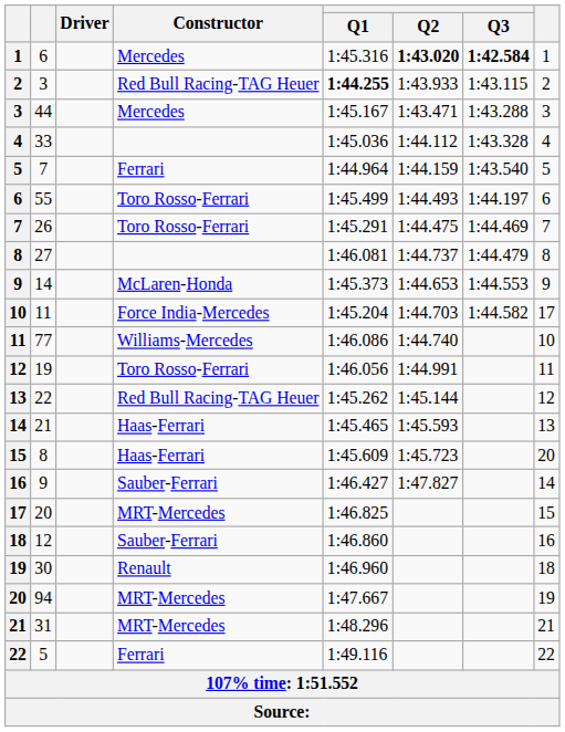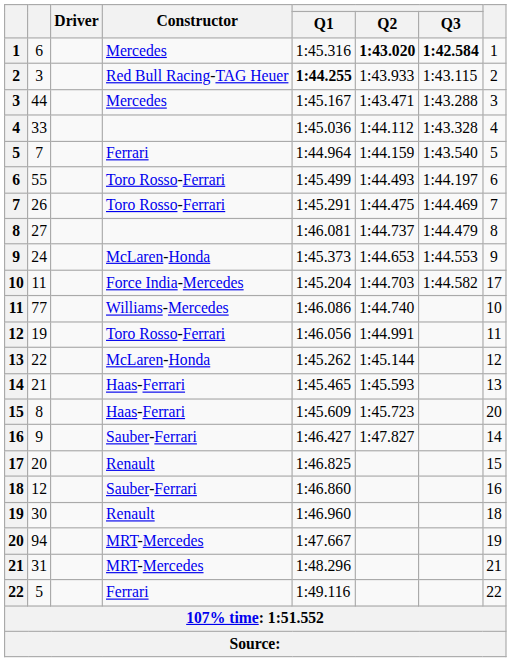 <table class="wikitable sortable" style="font-size: 85%;">
 <tr>
 <th rowspan="2"></th>
 <th rowspan="2"></th>
 <th rowspan="2">Driver</th>
 <th rowspan="2">Constructor</th>
 <th colspan="3"></th>
 <th rowspan="2"></th>
 </tr>
 <tr>
 <th>Q1</th>
 <th>Q2</th>
 <th>Q3</th>
 </tr>
 <tr>
 <th>1</th>
 <td align="center">6</td>
 <td></td>
 <td><a href='#'>Mercedes</a></td>
 <td>1:45.316</td>
 <td><strong>1:43.020</strong></td>
 <td><strong>1:42.584</strong></td>
 <td align="center">1</td>
 </tr>
 <tr>
 <th>2</th>
 <td align="center">3</td>
 <td></td>
 <td><a href='#'>Red Bull Racing</a>-<a href='#'>TAG Heuer</a></td>
 <td><strong>1:44.255</strong></td>
 <td>1:43.933</td>
 <td>1:43.115</td>
 <td align="center">2</td>
 </tr>
 <tr>
 <th>3</th>
 <td align="center">44</td>
 <td></td>
 <td><a href='#'>Mercedes</a></td>
 <td>1:45.167</td>
 <td>1:43.471</td>
 <td>1:43.288</td>
 <td align="center">3</td>
 </tr>
 <tr>
 <th>4</th>
 <td align="center">33</td>
 <td></td>
 <td></td>
 <td>1:45.036</td>
 <td>1:44.112</td>
 <td>1:43.328</td>
 <td align="center">4</td>
 </tr>
 <tr>
 <th>5</th>
 <td align="center">7</td>
 <td></td>
 <td><a href='#'>Ferrari</a></td>
 <td>1:44.964</td>
 <td>1:44.159</td>
 <td>1:43.540</td>
 <td align="center">5</td>
 </tr>
 <tr>
 <th>6</th>
 <td align="center">55</td>
 <td></td>
 <td><a href='#'>Toro Rosso</a>-<a href='#'>Ferrari</a></td>
 <td>1:45.499</td>
 <td>1:44.493</td>
 <td>1:44.197</td>
 <td align="center">6</td>
 </tr>
 <tr>
 <th>7</th>
 <td align="center">26</td>
 <td></td>
 <td><a href='#'>Toro Rosso</a>-<a href='#'>Ferrari</a></td>
 <td>1:45.291</td>
 <td>1:44.475</td>
 <td>1:44.469</td>
 <td align="center">7</td>
 </tr>
 <tr>
 <th>8</th>
 <td align="center">27</td>
 <td></td>
 <td></td>
 <td>1:46.081</td>
 <td>1:44.737</td>
 <td>1:44.479</td>
 <td align="center">8</td>
 </tr>
 <tr>
 <th>9</th>
-<td align="center">14</td>
+<td align="center">24</td>
 <td></td>
 <td><a href='#'>McLaren</a>-<a href='#'>Honda</a></td>
 <td>1:45.373</td>
 <td>1:44.653</td>
 <td>1:44.553</td>
 <td align="center">9</td>
 </tr>
 <tr>
 <th>10</th>
 <td align="center">11</td>
 <td></td>
 <td><a href='#'>Force India</a>-<a href='#'>Mercedes</a></td>
 <td>1:45.204</td>
 <td>1:44.703</td>
 <td>1:44.582</td>
 <td align="center">17</td>
 </tr>
 <tr>
 <th>11</th>
 <td align="center">77</td>
 <td></td>
 <td><a href='#'>Williams</a>-<a href='#'>Mercedes</a></td>
 <td>1:46.086</td>
 <td>1:44.740</td>
 <td></td>
 <td align="center">10</td>
 </tr>
 <tr>
 <th>12</th>
 <td align="center">19</td>
 <td></td>
 <td><a href='#'>Toro Rosso</a>-<a href='#'>Ferrari</a></td>
 <td>1:46.056</td>
 <td>1:44.991</td>
 <td></td>
 <td align="center">11</td>
 </tr>
 <tr>
 <th>13</th>
 <td align="center">22</td>
 <td></td>
-<td><a href='#'>Red Bull Racing</a>-<a href='#'>TAG Heuer</a></td>
+<td><a href='#'>McLaren</a>-<a href='#'>Honda</a></td>
 <td>1:45.262</td>
 <td>1:45.144</td>
 <td></td>
 <td align="center">12</td>
 </tr>
 <tr>
 <th>14</th>
 <td align="center">21</td>
 <td></td>
 <td><a href='#'>Haas</a>-<a href='#'>Ferrari</a></td>
 <td>1:45.465</td>
 <td>1:45.593</td>
 <td></td>
 <td align="center">13</td>
 </tr>
 <tr>
 <th>15</th>
 <td align="center">8</td>
 <td></td>
 <td><a href='#'>Haas</a>-<a href='#'>Ferrari</a></td>
 <td>1:45.609</td>
 <td>1:45.723</td>
 <td></td>
 <td align="center">20</td>
 </tr>
 <tr>
 <th>16</th>
 <td align="center">9</td>
 <td></td>
 <td><a href='#'>Sauber</a>-<a href='#'>Ferrari</a></td>
 <td>1:46.427</td>
 <td>1:47.827</td>
 <td></td>
 <td align="center">14</td>
 </tr>
 <tr>
 <th>17</th>
 <td align="center">20</td>
 <td></td>
-<td><a href='#'>MRT</a>-<a href='#'>Mercedes</a></td>
+<td><a href='#'>Renault</a></td>
 <td>1:46.825</td>
 <td></td>
 <td></td>
 <td align="center">15</td>
 </tr>
 <tr>
 <th>18</th>
 <td align="center">12</td>
 <td></td>
 <td><a href='#'>Sauber</a>-<a href='#'>Ferrari</a></td>
 <td>1:46.860</td>
 <td></td>
 <td></td>
 <td align="center">16</td>
 </tr>
 <tr>
 <th>19</th>
 <td align="center">30</td>
 <td></td>
 <td><a href='#'>Renault</a></td>
 <td>1:46.960</td>
 <td></td>
 <td></td>
 <td align="center">18</td>
 </tr>
 <tr>
 <th>20</th>
 <td align="center">94</td>
 <td></td>
 <td><a href='#'>MRT</a>-<a href='#'>Mercedes</a></td>
 <td>1:47.667</td>
 <td></td>
 <td></td>
 <td align="center">19</td>
 </tr>
 <tr>
 <th>21</th>
 <td align="center">31</td>
 <td></td>
 <td><a href='#'>MRT</a>-<a href='#'>Mercedes</a></td>
 <td>1:48.296</td>
 <td></td>
 <td></td>
 <td align="center">21</td>
 </tr>
 <tr>
 <th>22</th>
 <td align="center">5</td>
 <td></td>
 <td><a href='#'>Ferrari</a></td>
 <td>1:49.116</td>
 <td></td>
 <td></td>
 <td align="center">22</td>
 </tr>
 <tr>
 <th colspan="8"><a href='#'>107% time</a>: 1:51.552</th>
 </tr>
 <tr>
 <th colspan=8>Source:</th>
 </tr>
 </table>
